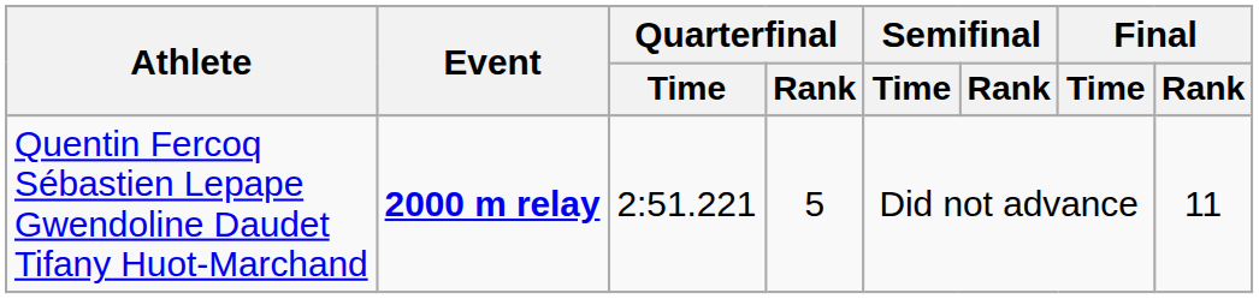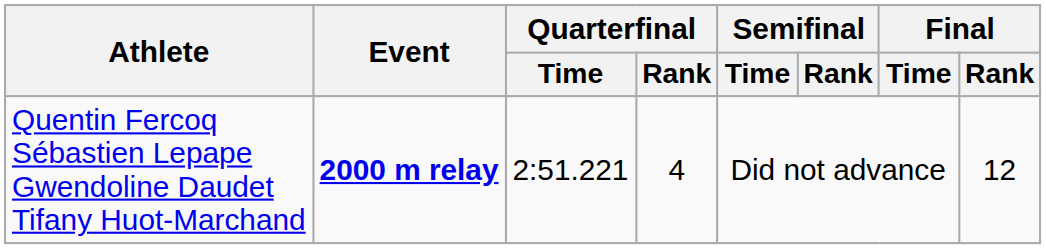 <table class="wikitable" style="font-size:90%">
 <tr>
 <th rowspan=2>Athlete</th>
 <th rowspan=2>Event</th>
 <th colspan=2>Quarterfinal</th>
 <th colspan=2>Semifinal</th>
 <th colspan=2>Final</th>
 </tr>
 <tr style="font-size:95%">
 <th>Time</th>
 <th>Rank</th>
 <th>Time</th>
 <th>Rank</th>
 <th>Time</th>
 <th>Rank</th>
 </tr>
 <tr align=center>
 <td align=left><a href='#'>Quentin Fercoq</a><br><a href='#'>Sébastien Lepape</a><br><a href='#'>Gwendoline Daudet</a><br><a href='#'>Tifany Huot-Marchand</a></td>
 <td align=left><strong><a href='#'>2000 m relay</a></strong></td>
 <td>2:51.221</td>
-<td>5</td>
+<td>4</td>
 <td colspan=3>Did not advance</td>
-<td>11</td>
+<td>12</td>
 </tr>
 </table>
